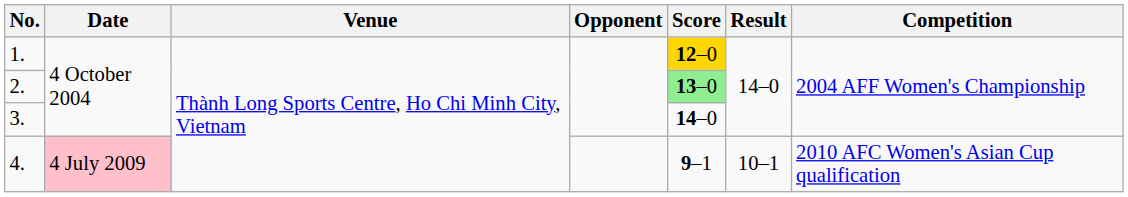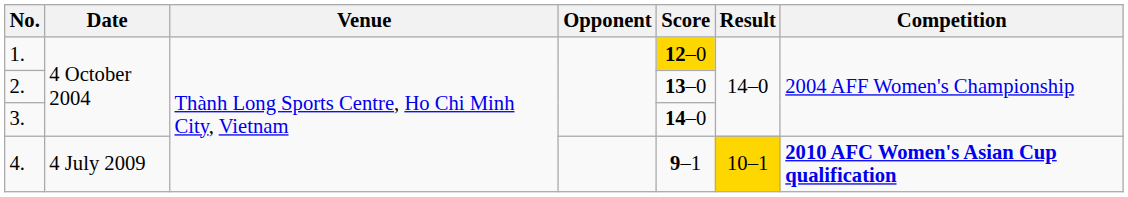 <table class="wikitable">
 <tr>
 <th>No.</th>
 <th>Date</th>
 <th>Venue</th>
 <th>Opponent</th>
 <th>Score</th>
 <th>Result</th>
 <th>Competition</th>
 </tr>
 <tr>
 <td>1.</td>
 <td rowspan=3>4 October 2004</td>
 <td rowspan=4><a href='#'>Thành Long Sports Centre</a>, <a href='#'>Ho Chi Minh City</a>, <a href='#'>Vietnam</a></td>
 <td rowspan=3></td>
 <td align=center style="background: gold;"><strong>12</strong>–0</td>
 <td rowspan=3 align=center>14–0</td>
 <td rowspan=3><a href='#'>2004 AFF Women's Championship</a></td>
 </tr>
 <tr>
 <td>2.</td>
-<td align=center style="background: lightgreen;"><strong>13</strong>–0</td>
+<td align=center><strong>13</strong>–0</td>
 </tr>
 <tr>
 <td>3.</td>
 <td align=center><strong>14</strong>–0</td>
 </tr>
 <tr>
 <td>4.</td>
-<td style="background: pink;">4 July 2009</td>
+<td>4 July 2009</td>
 <td></td>
 <td align=center><strong>9</strong>–1</td>
-<td align=center>10–1</td>
-<td><a href='#'>2010 AFC Women's Asian Cup qualification</a></td>
+<td align=center style="background: gold;">10–1</td>
+<td><strong><a href='#'>2010 AFC Women's Asian Cup qualification</a></strong></td>
 </tr>
 </table>
